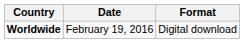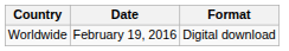 <table class="wikitable plainrowheaders">
 <tr>
 <th scope="col">Country</th>
 <th scope="col">Date</th>
 <th scope="col">Format</th>
 </tr>
 <tr>
-<td><strong>Worldwide</strong></td>
+<td>Worldwide</td>
 <td rowspan="2">February 19, 2016</td>
 <td rowspan="2">Digital download</td>
 </tr>
 </table>
